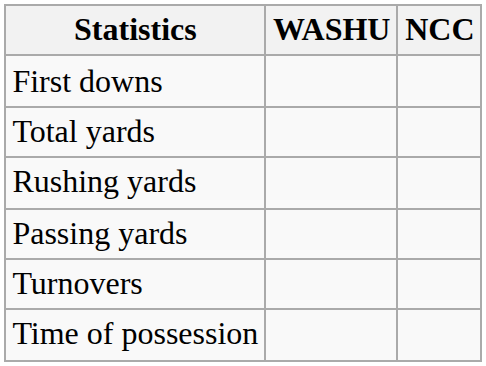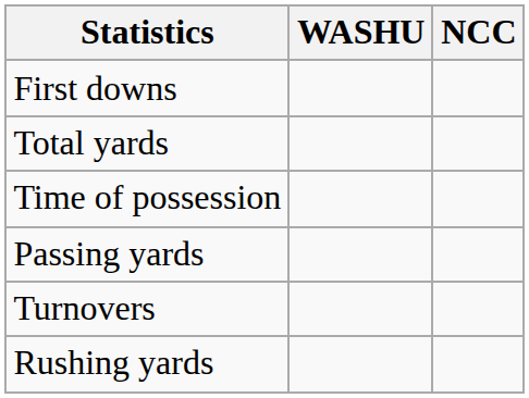 <table class="wikitable">
 <tr>
 <th>Statistics</th>
 <th>WASHU</th>
 <th>NCC</th>
 </tr>
 <tr>
 <td>First downs</td>
 <td></td>
 <td></td>
 </tr>
 <tr>
 <td>Total yards</td>
 <td></td>
 <td></td>
 </tr>
 <tr>
-<td>Rushing yards</td>
+<td>Time of possession</td>
 <td></td>
 <td></td>
 </tr>
 <tr>
 <td>Passing yards</td>
 <td></td>
 <td></td>
 </tr>
 <tr>
 <td>Turnovers</td>
 <td></td>
 <td></td>
 </tr>
 <tr>
-<td>Time of possession</td>
+<td>Rushing yards</td>
 <td></td>
 <td></td>
 </tr>
 <tr>
 </tr>
 </table>
